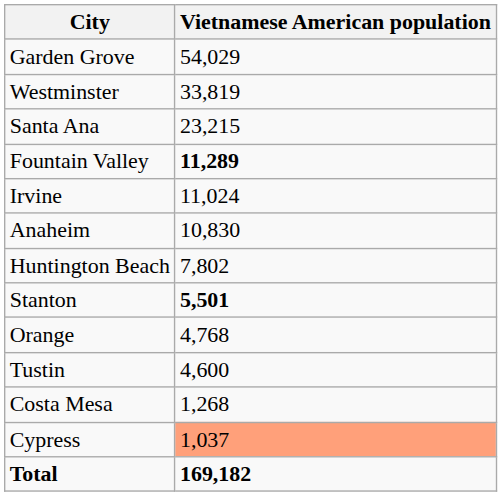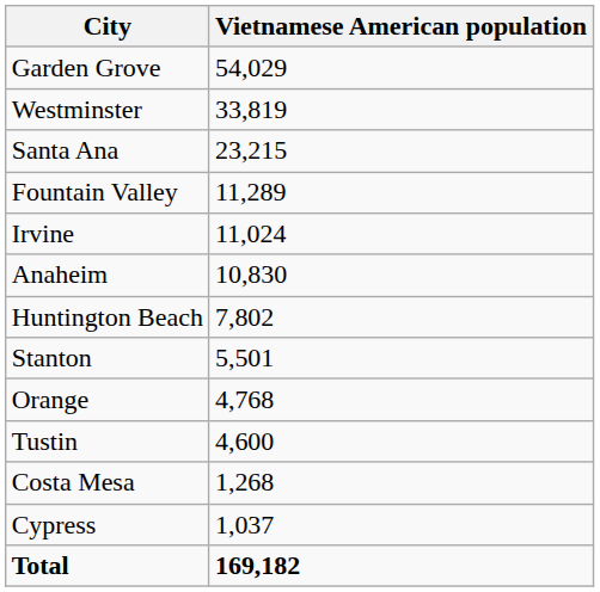 <table class="wikitable">
 <tr>
 <th>City</th>
 <th>Vietnamese American population</th>
 </tr>
 <tr>
 <td>Garden Grove</td>
 <td>54,029</td>
 </tr>
 <tr>
 <td>Westminster</td>
 <td>33,819</td>
 </tr>
 <tr>
 <td>Santa Ana</td>
 <td>23,215</td>
 </tr>
 <tr>
 <td>Fountain Valley</td>
-<td><strong>11,289</strong></td>
+<td>11,289</td>
 </tr>
 <tr>
 <td>Irvine</td>
 <td>11,024</td>
 </tr>
 <tr>
 <td>Anaheim</td>
 <td>10,830</td>
 </tr>
 <tr>
 <td>Huntington Beach</td>
 <td>7,802</td>
 </tr>
 <tr>
 <td>Stanton</td>
-<td><strong>5,501</strong></td>
+<td>5,501</td>
 </tr>
 <tr>
 <td>Orange</td>
 <td>4,768</td>
 </tr>
 <tr>
 <td>Tustin</td>
 <td>4,600</td>
 </tr>
 <tr>
 <td>Costa Mesa</td>
 <td>1,268</td>
 </tr>
 <tr>
 <td>Cypress</td>
-<td style="background: lightsalmon;">1,037</td>
+<td>1,037</td>
 </tr>
 <tr>
 <td><strong>Total</strong></td>
 <td><strong>169,182</strong></td>
 </tr>
 </table>
